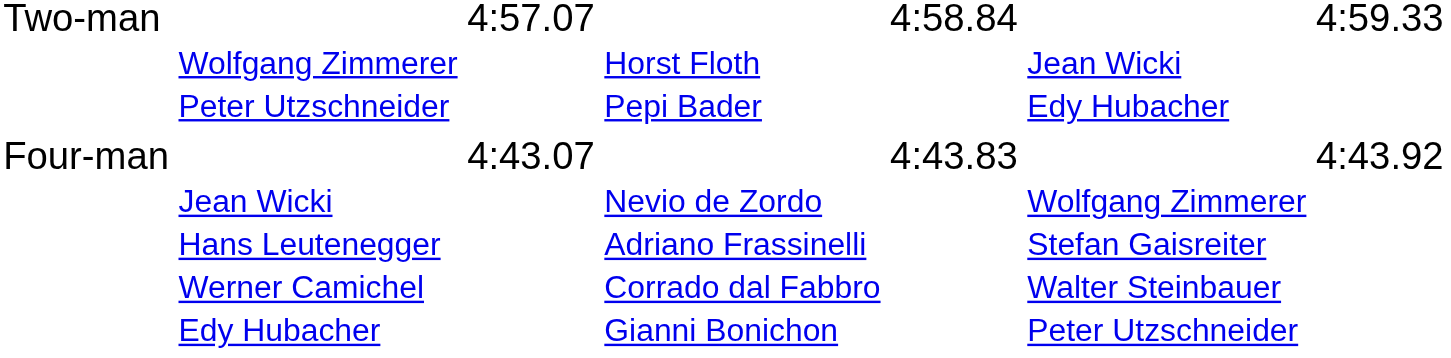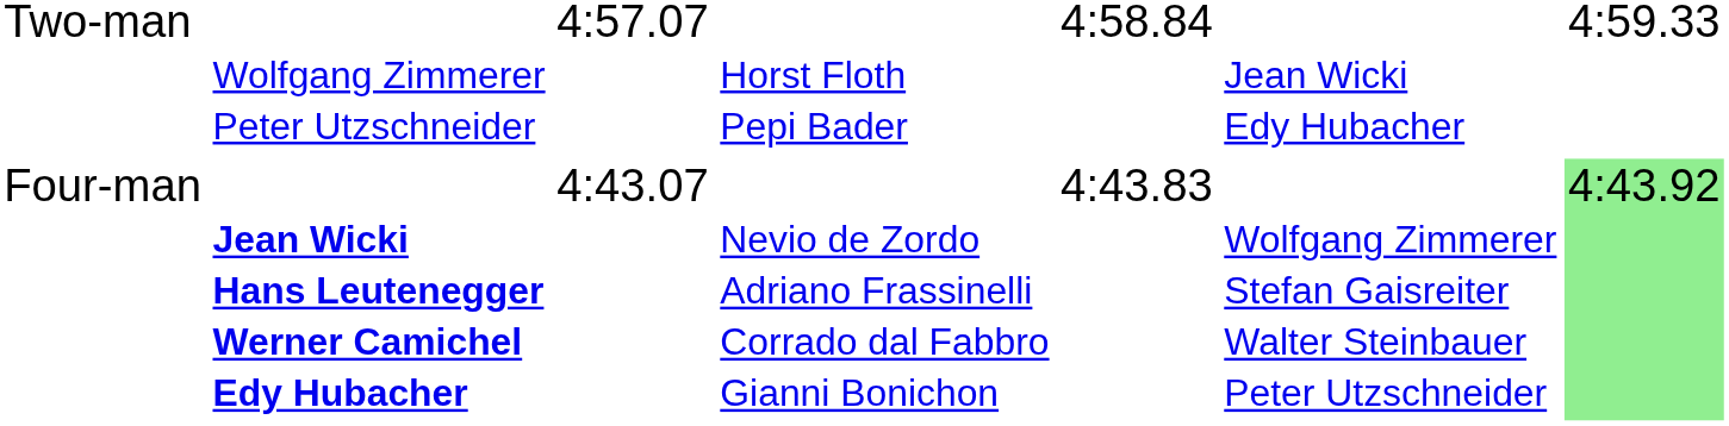 <table>
 <tr valign="top">
 <td>Two-man <br></td>
 <td><br> <small><a href='#'>Wolfgang Zimmerer</a><br><a href='#'>Peter Utzschneider</a></small></td>
 <td>4:57.07</td>
 <td><br> <small><a href='#'>Horst Floth</a><br><a href='#'>Pepi Bader</a></small></td>
 <td>4:58.84</td>
 <td><br><small> <a href='#'>Jean Wicki</a><br><a href='#'>Edy Hubacher</a></small></td>
 <td>4:59.33</td>
 </tr>
 <tr valign="top">
 <td>Four-man <br></td>
-<td><br><small> <a href='#'>Jean Wicki</a><br> <a href='#'>Hans Leutenegger</a> <br> <a href='#'>Werner Camichel</a> <br> <a href='#'>Edy Hubacher</a></small></td>
+<td><strong><br><small> <a href='#'>Jean Wicki</a><br> <a href='#'>Hans Leutenegger</a> <br> <a href='#'>Werner Camichel</a> <br> <a href='#'>Edy Hubacher</a></small></strong></td>
 <td>4:43.07</td>
 <td><br><small> <a href='#'>Nevio de Zordo</a> <br> <a href='#'>Adriano Frassinelli</a> <br> <a href='#'>Corrado dal Fabbro</a> <br>  <a href='#'>Gianni Bonichon</a></small></td>
 <td>4:43.83</td>
 <td><br><small> <a href='#'>Wolfgang Zimmerer</a> <br> <a href='#'>Stefan Gaisreiter</a> <br> <a href='#'>Walter Steinbauer</a> <br>  <a href='#'>Peter Utzschneider</a></small></td>
-<td>4:43.92</td>
+<td style="background: lightgreen;">4:43.92</td>
 </tr>
 </table>
